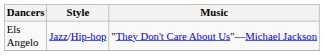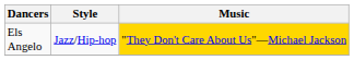 <table class="wikitable">
 <tr>
 <th>Dancers</th>
 <th>Style</th>
 <th>Music</th>
 </tr>
 <tr>
 <td>Els<br>Angelo</td>
 <td><a href='#'>Jazz</a>/<a href='#'>Hip-hop</a></td>
-<td>"<a href='#'>They Don't Care About Us</a>"—<a href='#'>Michael Jackson</a></td>
+<td style="background: gold;">"<a href='#'>They Don't Care About Us</a>"—<a href='#'>Michael Jackson</a></td>
 </tr>
 <tr>
 </tr>
 </table>
